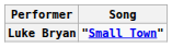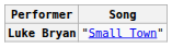 <table class="wikitable unsortable" style="text-align:center;">
 <tr>
 <th scope="col">Performer</th>
 <th scope="col">Song</th>
 </tr>
 <tr>
 <th scope="row">Luke Bryan</th>
-<td><strong>"<a href='#'>Small Town</a>"</strong></td>
+<td>"<a href='#'>Small Town</a>"</td>
 </tr>
 </table>
